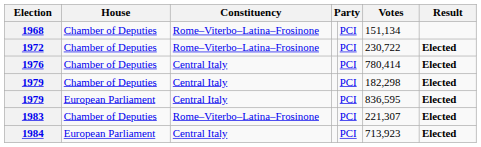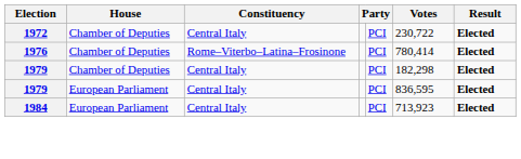 <table class=wikitable style="width:55%; border:1px #AAAAFF solid">
 <tr>
 <th width=12%>Election</th>
 <th width=23%>House</th>
 <th width=34%>Constituency</th>
 <th width=5% colspan="2">Party</th>
 <th width=12%>Votes</th>
 <th width=12%>Result</th>
 </tr>
 <tr>
-<th><a href='#'>1968</a></th>
-<td><a href='#'>Chamber of Deputies</a></td>
-<td><a href='#'>Rome–Viterbo–Latina–Frosinone</a></td>
-<td></td>
-<td><a href='#'>PCI</a></td>
-<td>151,134</td>
-<td></td>
-</tr>
-<tr>
 <th><a href='#'>1972</a></th>
 <td><a href='#'>Chamber of Deputies</a></td>
-<td><a href='#'>Rome–Viterbo–Latina–Frosinone</a></td>
+<td><a href='#'>Central Italy</a></td>
 <td></td>
 <td><a href='#'>PCI</a></td>
 <td>230,722</td>
 <td> <strong>Elected</strong></td>
 </tr>
 <tr>
 <th><a href='#'>1976</a></th>
 <td><a href='#'>Chamber of Deputies</a></td>
-<td><a href='#'>Central Italy</a></td>
+<td><a href='#'>Rome–Viterbo–Latina–Frosinone</a></td>
 <td></td>
 <td><a href='#'>PCI</a></td>
 <td>780,414</td>
 <td> <strong>Elected</strong></td>
 </tr>
 <tr>
 <th><a href='#'>1979</a></th>
 <td><a href='#'>Chamber of Deputies</a></td>
 <td><a href='#'>Central Italy</a></td>
 <td></td>
 <td><a href='#'>PCI</a></td>
 <td>182,298</td>
 <td> <strong>Elected</strong></td>
 </tr>
 <tr>
 <th><a href='#'>1979</a></th>
 <td><a href='#'>European Parliament</a></td>
 <td><a href='#'>Central Italy</a></td>
 <td></td>
 <td><a href='#'>PCI</a></td>
 <td>836,595</td>
 <td> <strong>Elected</strong></td>
 </tr>
 <tr>
-<th><a href='#'>1983</a></th>
-<td><a href='#'>Chamber of Deputies</a></td>
-<td><a href='#'>Rome–Viterbo–Latina–Frosinone</a></td>
-<td></td>
-<td><a href='#'>PCI</a></td>
-<td>221,307</td>
-<td> <strong>Elected</strong></td>
-</tr>
-<tr>
 <th><a href='#'>1984</a></th>
 <td><a href='#'>European Parliament</a></td>
 <td><a href='#'>Central Italy</a></td>
 <td></td>
 <td><a href='#'>PCI</a></td>
 <td>713,923</td>
 <td> <strong>Elected</strong></td>
 </tr>
 </table>
